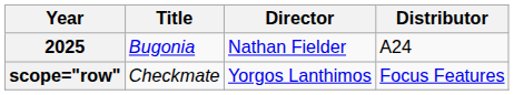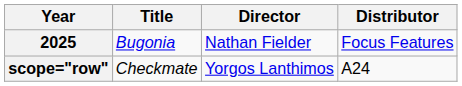 <table class="wikitable plainrowheaders sortable">
 <tr>
 <th scope="col">Year</th>
 <th scope="col">Title</th>
 <th scope="col">Director</th>
 <th scope="col">Distributor</th>
 </tr>
 <tr>
 <th scope="row">2025</th>
 <td><em><a href='#'>Bugonia</a></em></td>
 <td><a href='#'>Nathan Fielder</a></td>
-<td>A24</td>
+<td><a href='#'>Focus Features</a></td>
 </tr>
 <tr>
 <th>scope="row" </th>
 <td><em>Checkmate</em></td>
 <td><a href='#'>Yorgos Lanthimos</a></td>
-<td><a href='#'>Focus Features</a></td>
+<td>A24</td>
 </tr>
 </table>
